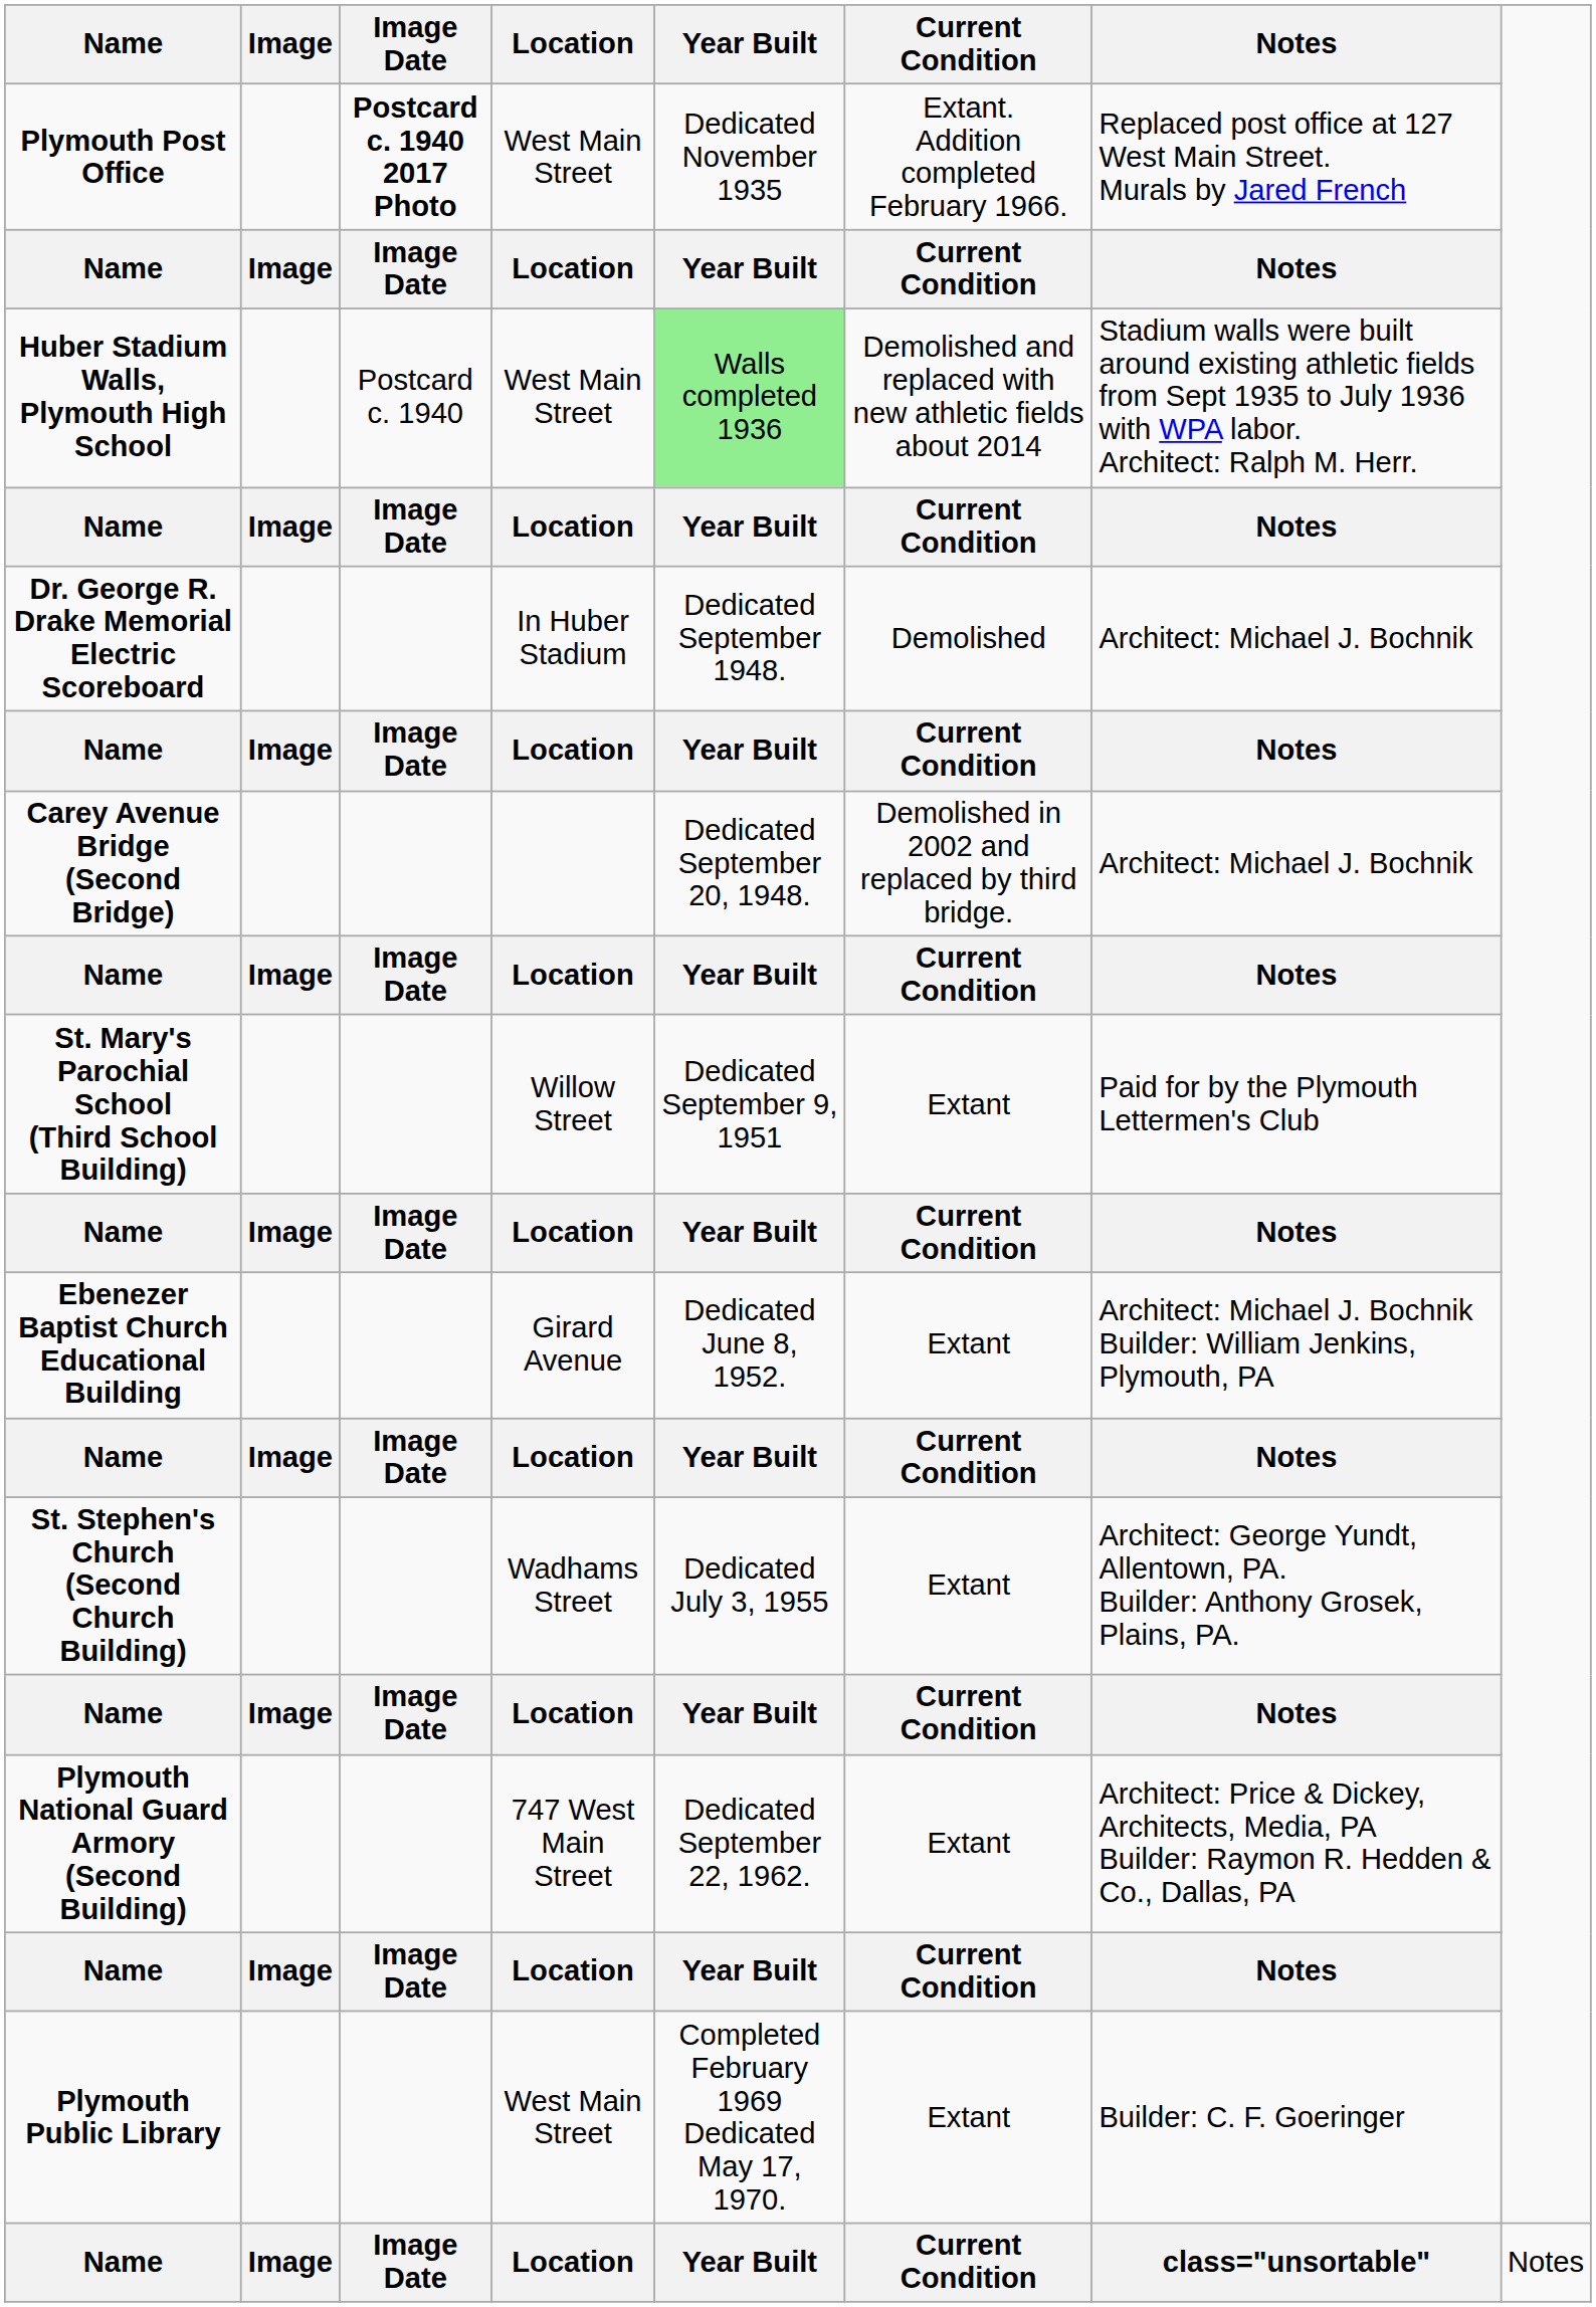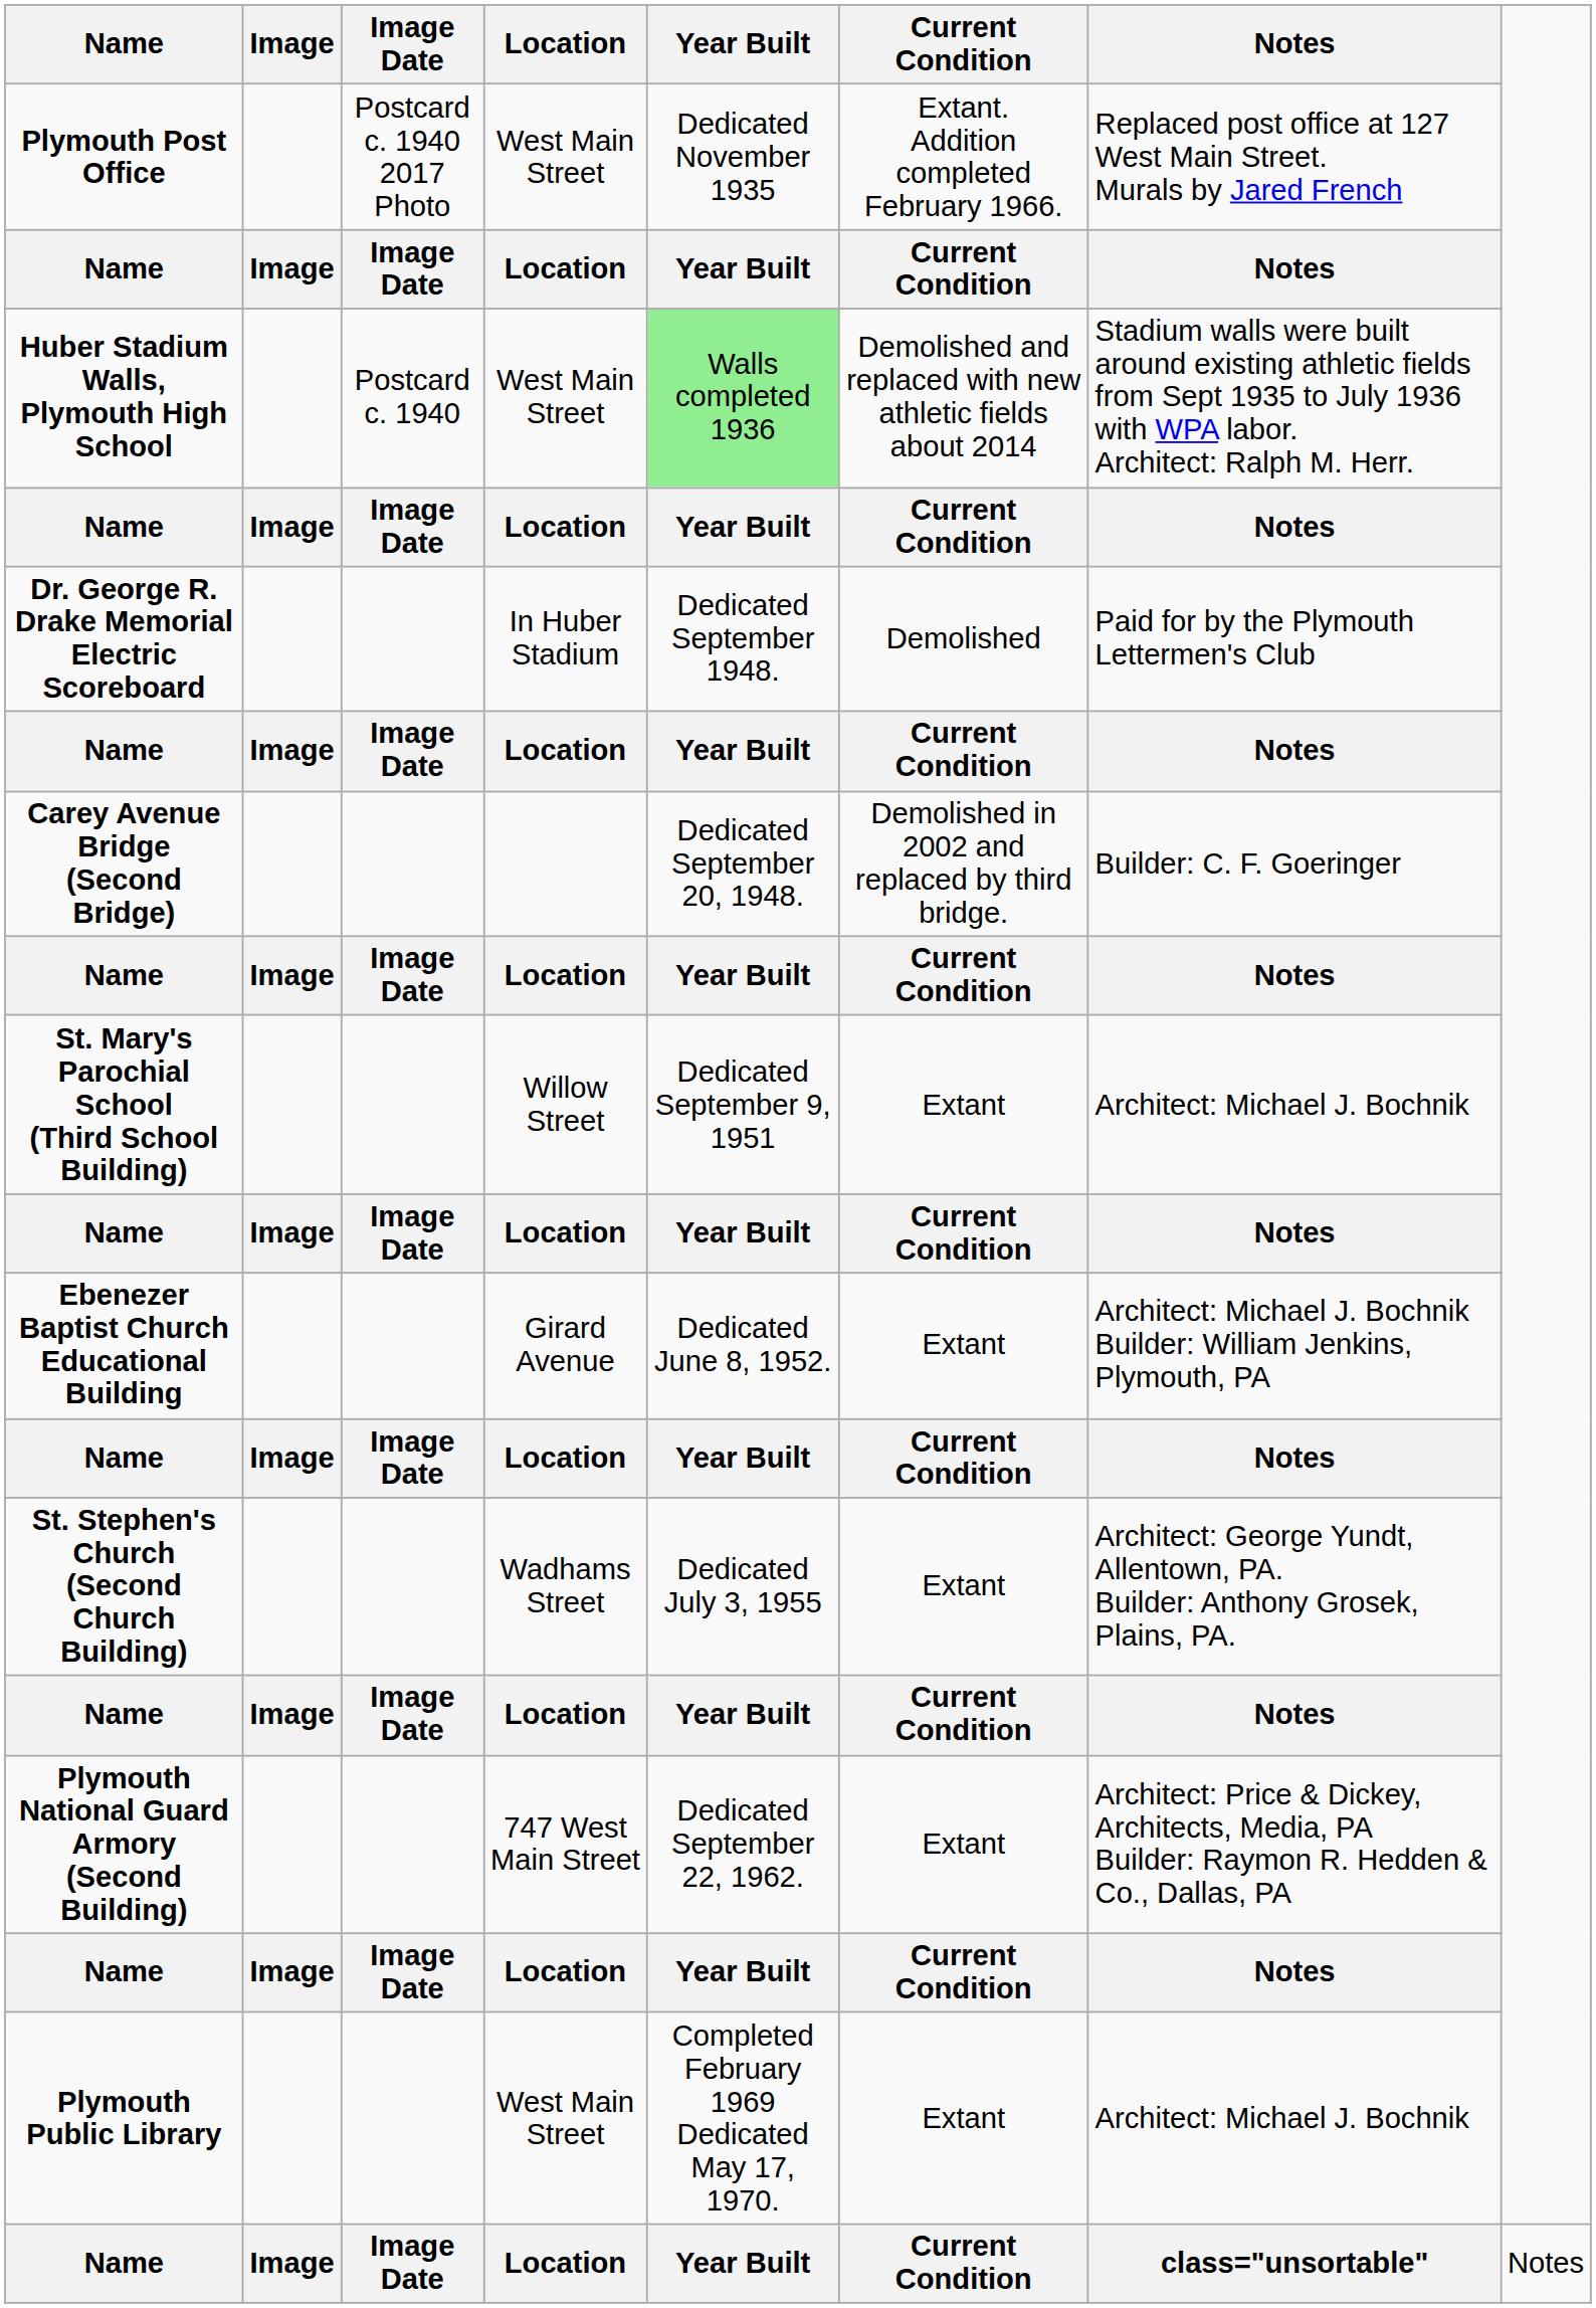 <table class="wikitable sortable">
 <tr>
 <th class="unsortable">Name</th>
 <th class="unsortable">Image</th>
 <th class="unsortable">Image Date</th>
 <th class="unsortable">Location</th>
 <th class="unsortable">Year Built</th>
 <th class="unsortable">Current Condition</th>
 <th class="unsortable">Notes</th>
 </tr>
 <tr>
 <td align=center><strong>Plymouth Post Office</strong></td>
 <td><br></td>
-<td align=center><strong>Postcard c. 1940<br>2017 Photo</strong></td>
+<td align=center>Postcard c. 1940<br>2017 Photo</td>
 <td align=center>West Main Street</td>
 <td align=center>Dedicated November 1935</td>
 <td align=center>Extant.<br>Addition completed February 1966.</td>
 <td align=left>Replaced post office at 127 West Main Street.<br>Murals by <a href='#'>Jared French</a></td>
 </tr>
 <tr>
 <th class="unsortable">Name</th>
 <th class="unsortable">Image</th>
 <th class="unsortable">Image Date</th>
 <th class="unsortable">Location</th>
 <th class="unsortable">Year Built</th>
 <th class="unsortable">Current Condition</th>
 <th class="unsortable">Notes</th>
 </tr>
 <tr>
 <td align=center><strong>Huber Stadium Walls, Plymouth High School</strong></td>
 <td></td>
 <td align=center>Postcard c. 1940</td>
 <td align=center>West Main Street</td>
 <td align=center style="background: lightgreen;">Walls completed 1936</td>
 <td align=center>Demolished and replaced with new athletic fields about 2014</td>
 <td align=left>Stadium walls were built around existing athletic fields from Sept 1935 to July 1936 with <a href='#'>WPA</a> labor.<br>Architect: Ralph M. Herr.</td>
 </tr>
 <tr>
 <th class="unsortable">Name</th>
 <th class="unsortable">Image</th>
 <th class="unsortable">Image Date</th>
 <th class="unsortable">Location</th>
 <th class="unsortable">Year Built</th>
 <th class="unsortable">Current Condition</th>
 <th class="unsortable">Notes</th>
 </tr>
 <tr>
 <td align=center><strong>Dr. George R. Drake Memorial</strong><br><strong>Electric Scoreboard</strong></td>
 <td></td>
 <td align=center></td>
 <td align=center>In Huber Stadium</td>
 <td align=center>Dedicated September 1948.</td>
 <td align=center>Demolished</td>
-<td align=left>Architect: Michael J. Bochnik</td>
+<td align=left>Paid for by the Plymouth Lettermen's Club</td>
 </tr>
 <tr>
 <th class="unsortable">Name</th>
 <th class="unsortable">Image</th>
 <th class="unsortable">Image Date</th>
 <th class="unsortable">Location</th>
 <th class="unsortable">Year Built</th>
 <th class="unsortable">Current Condition</th>
 <th class="unsortable">Notes</th>
 </tr>
 <tr>
 <td align=center><strong>Carey Avenue Bridge</strong><br><strong>(Second Bridge)</strong></td>
 <td></td>
 <td align=center></td>
 <td align=center></td>
 <td align=center>Dedicated September 20, 1948.</td>
 <td align=center>Demolished in 2002 and replaced by third bridge.</td>
-<td align=left>Architect: Michael J. Bochnik</td>
+<td align=left>Builder: C. F. Goeringer</td>
 </tr>
 <tr>
 <th class="unsortable">Name</th>
 <th class="unsortable">Image</th>
 <th class="unsortable">Image Date</th>
 <th class="unsortable">Location</th>
 <th class="unsortable">Year Built</th>
 <th class="unsortable">Current Condition</th>
 <th class="unsortable">Notes</th>
 </tr>
 <tr>
 <td align=center><strong>St. Mary's Parochial School</strong><br><strong>(Third School Building)</strong></td>
 <td></td>
 <td align=center></td>
 <td align=center>Willow Street</td>
 <td align=center>Dedicated September 9, 1951</td>
 <td align=center>Extant</td>
-<td align=left>Paid for by the Plymouth Lettermen's Club</td>
+<td align=left>Architect: Michael J. Bochnik</td>
 </tr>
 <tr>
 <th class="unsortable">Name</th>
 <th class="unsortable">Image</th>
 <th class="unsortable">Image Date</th>
 <th class="unsortable">Location</th>
 <th class="unsortable">Year Built</th>
 <th class="unsortable">Current Condition</th>
 <th class="unsortable">Notes</th>
 </tr>
 <tr>
 <td align=center><strong>Ebenezer Baptist Church</strong><br><strong>Educational Building</strong></td>
 <td></td>
 <td align=center></td>
 <td align=center>Girard Avenue</td>
 <td align=center>Dedicated June 8, 1952.</td>
 <td align=center>Extant</td>
 <td align=left>Architect: Michael J. Bochnik<br>Builder: William Jenkins, Plymouth, PA</td>
 </tr>
 <tr>
 <th class="unsortable">Name</th>
 <th class="unsortable">Image</th>
 <th class="unsortable">Image Date</th>
 <th class="unsortable">Location</th>
 <th class="unsortable">Year Built</th>
 <th class="unsortable">Current Condition</th>
 <th class="unsortable">Notes</th>
 </tr>
 <tr>
 <td align=center><strong>St. Stephen's Church</strong><br><strong>(Second Church Building)</strong></td>
 <td></td>
 <td align=center></td>
 <td align=center>Wadhams Street</td>
 <td align=center>Dedicated July 3, 1955</td>
 <td align=center>Extant</td>
 <td align=left>Architect: George Yundt, Allentown, PA.<br>Builder: Anthony Grosek, Plains, PA.</td>
 </tr>
 <tr>
 <th class="unsortable">Name</th>
 <th class="unsortable">Image</th>
 <th class="unsortable">Image Date</th>
 <th class="unsortable">Location</th>
 <th class="unsortable">Year Built</th>
 <th class="unsortable">Current Condition</th>
 <th class="unsortable">Notes</th>
 </tr>
 <tr>
 <td align=center><strong>Plymouth National Guard Armory</strong><br><strong>(Second Building)</strong></td>
 <td></td>
 <td align=center></td>
 <td align=center>747 West Main Street</td>
 <td align=center>Dedicated September 22, 1962.</td>
 <td align=center>Extant</td>
 <td align=left>Architect: Price & Dickey, Architects, Media, PA<br>Builder: Raymon R. Hedden & Co., Dallas, PA</td>
 </tr>
 <tr>
 <th class="unsortable">Name</th>
 <th class="unsortable">Image</th>
 <th class="unsortable">Image Date</th>
 <th class="unsortable">Location</th>
 <th class="unsortable">Year Built</th>
 <th class="unsortable">Current Condition</th>
 <th class="unsortable">Notes</th>
 </tr>
 <tr>
 <td align=center><strong>Plymouth Public Library</strong></td>
 <td></td>
 <td align=center></td>
 <td align=center>West Main Street</td>
 <td align=center>Completed February 1969<br>Dedicated May 17, 1970.</td>
 <td align=center>Extant</td>
-<td align=left>Builder: C. F. Goeringer</td>
+<td align=left>Architect: Michael J. Bochnik</td>
 </tr>
 <tr>
 <th class="unsortable">Name</th>
 <th class="unsortable">Image</th>
 <th class="unsortable">Image Date</th>
 <th class="unsortable">Location</th>
 <th class="unsortable">Year Built</th>
 <th class="unsortable">Current Condition</th>
 <th>class="unsortable"</th>
 <td>Notes</td>
 </tr>
 </table>
